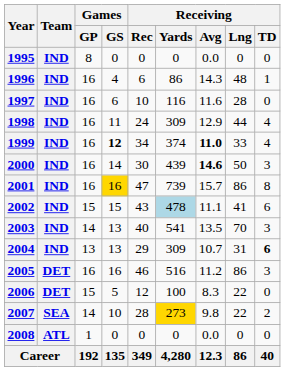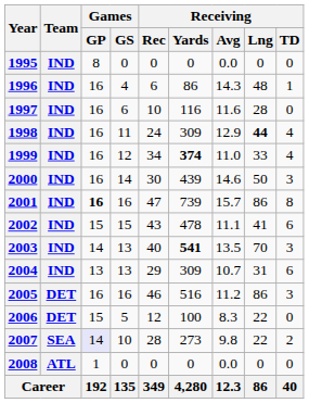 <table class="wikitable" style="text-align: center;">
 <tr>
 <th rowspan="2">Year</th>
 <th rowspan="2">Team</th>
 <th colspan="2">Games</th>
 <th colspan="5">Receiving</th>
 </tr>
 <tr>
 <th>GP</th>
 <th>GS</th>
 <th>Rec</th>
 <th>Yards</th>
 <th>Avg</th>
 <th>Lng</th>
 <th>TD</th>
 </tr>
 <tr>
 <th><a href='#'>1995</a></th>
 <th><a href='#'>IND</a></th>
 <td>8</td>
 <td>0</td>
 <td>0</td>
 <td>0</td>
 <td>0.0</td>
 <td>0</td>
 <td>0</td>
 </tr>
 <tr>
 <th><a href='#'>1996</a></th>
 <th><a href='#'>IND</a></th>
 <td>16</td>
 <td>4</td>
 <td>6</td>
 <td>86</td>
 <td>14.3</td>
 <td>48</td>
 <td>1</td>
 </tr>
 <tr>
 <th><a href='#'>1997</a></th>
 <th><a href='#'>IND</a></th>
 <td>16</td>
 <td>6</td>
 <td>10</td>
 <td>116</td>
 <td>11.6</td>
 <td>28</td>
 <td>0</td>
 </tr>
 <tr>
 <th><a href='#'>1998</a></th>
 <th><a href='#'>IND</a></th>
 <td>16</td>
 <td>11</td>
 <td>24</td>
 <td>309</td>
 <td>12.9</td>
-<td>44</td>
+<td><strong>44</strong></td>
 <td>4</td>
 </tr>
 <tr>
 <th><a href='#'>1999</a></th>
 <th><a href='#'>IND</a></th>
 <td>16</td>
-<td><strong>12</strong></td>
+<td>12</td>
 <td>34</td>
-<td>374</td>
-<td><strong>11.0</strong></td>
+<td><strong>374</strong></td>
+<td>11.0</td>
 <td>33</td>
 <td>4</td>
 </tr>
 <tr>
 <th><a href='#'>2000</a></th>
 <th><a href='#'>IND</a></th>
 <td>16</td>
 <td>14</td>
 <td>30</td>
 <td>439</td>
-<td><strong>14.6</strong></td>
+<td>14.6</td>
 <td>50</td>
 <td>3</td>
 </tr>
 <tr>
 <th><a href='#'>2001</a></th>
 <th><a href='#'>IND</a></th>
+<td><strong>16</strong></td>
 <td>16</td>
-<td style="background: gold;">16</td>
 <td>47</td>
 <td>739</td>
 <td>15.7</td>
 <td>86</td>
 <td>8</td>
 </tr>
 <tr>
 <th><a href='#'>2002</a></th>
 <th><a href='#'>IND</a></th>
 <td>15</td>
 <td>15</td>
 <td>43</td>
-<td style="background: lightblue;">478</td>
+<td>478</td>
 <td>11.1</td>
 <td>41</td>
 <td>6</td>
 </tr>
 <tr>
 <th><a href='#'>2003</a></th>
 <th><a href='#'>IND</a></th>
 <td>14</td>
 <td>13</td>
 <td>40</td>
-<td>541</td>
+<td><strong>541</strong></td>
 <td>13.5</td>
 <td>70</td>
 <td>3</td>
 </tr>
 <tr>
 <th><a href='#'>2004</a></th>
 <th><a href='#'>IND</a></th>
 <td>13</td>
 <td>13</td>
 <td>29</td>
 <td>309</td>
 <td>10.7</td>
 <td>31</td>
-<td><strong>6</strong></td>
+<td>6</td>
 </tr>
 <tr>
 <th><a href='#'>2005</a></th>
 <th><a href='#'>DET</a></th>
 <td>16</td>
 <td>16</td>
 <td>46</td>
 <td>516</td>
 <td>11.2</td>
 <td>86</td>
 <td>3</td>
 </tr>
 <tr>
 <th><a href='#'>2006</a></th>
 <th><a href='#'>DET</a></th>
 <td>15</td>
 <td>5</td>
 <td>12</td>
 <td>100</td>
 <td>8.3</td>
 <td>22</td>
 <td>0</td>
 </tr>
 <tr>
 <th><a href='#'>2007</a></th>
 <th><a href='#'>SEA</a></th>
-<td>14</td>
+<td style="background: lavender;">14</td>
 <td>10</td>
 <td>28</td>
-<td style="background: gold;">273</td>
+<td>273</td>
 <td>9.8</td>
 <td>22</td>
 <td>2</td>
 </tr>
 <tr>
 <th><a href='#'>2008</a></th>
 <th><a href='#'>ATL</a></th>
 <td>1</td>
 <td>0</td>
 <td>0</td>
 <td>0</td>
 <td>0.0</td>
 <td>0</td>
 <td>0</td>
 </tr>
 <tr>
 <th colspan="2">Career</th>
 <th>192</th>
 <th>135</th>
 <th>349</th>
 <th>4,280</th>
 <th>12.3</th>
 <th>86</th>
 <th>40</th>
 </tr>
 </table>
